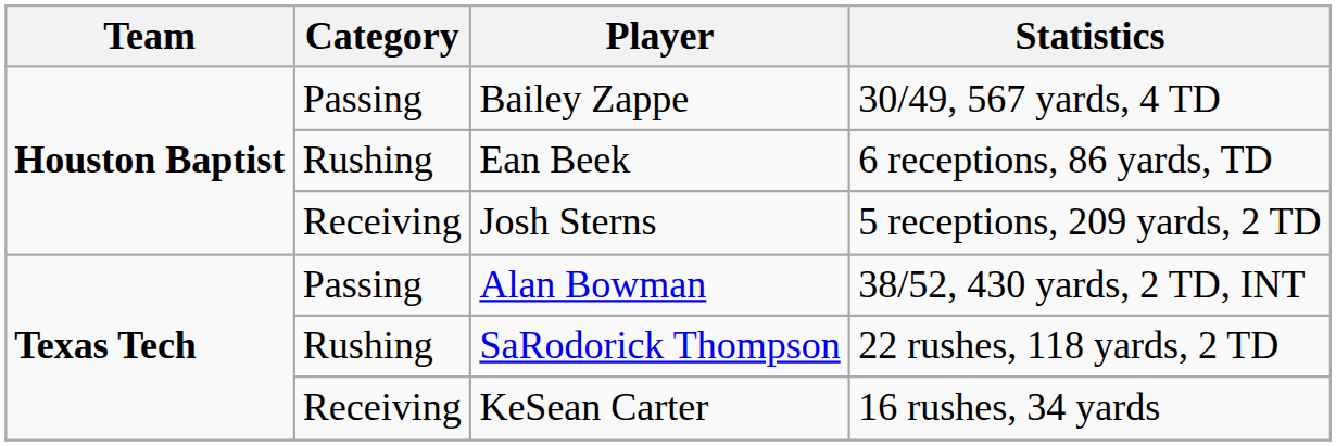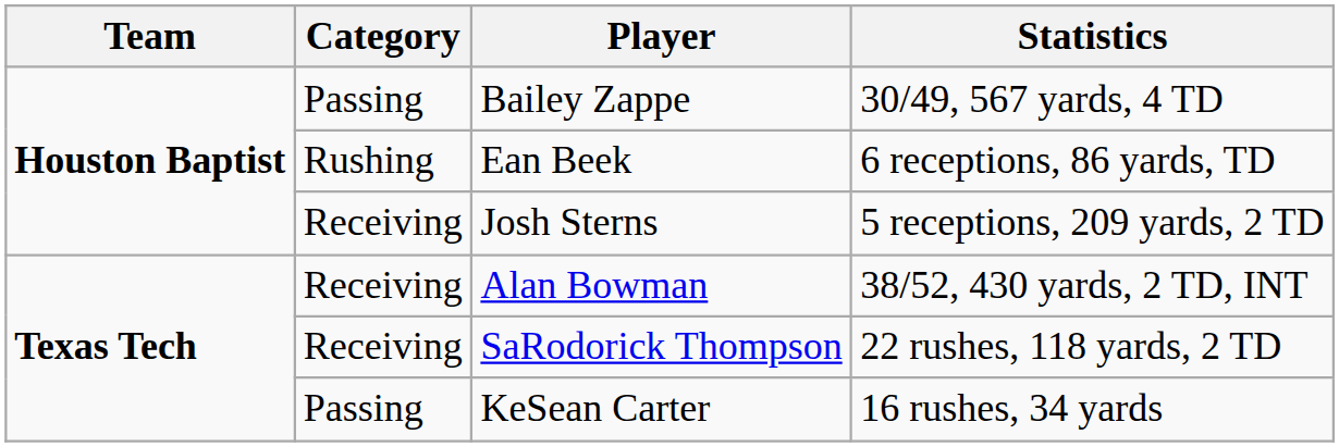 <table class="wikitable" style="float: right;">
 <tr>
 <th>Team</th>
 <th>Category</th>
 <th>Player</th>
 <th>Statistics</th>
 </tr>
 <tr>
 <td rowspan=3><strong>Houston Baptist</strong></td>
 <td>Passing</td>
 <td>Bailey Zappe</td>
 <td>30/49, 567 yards, 4 TD</td>
 </tr>
 <tr>
 <td>Rushing</td>
 <td>Ean Beek</td>
 <td>6 receptions, 86 yards, TD</td>
 </tr>
 <tr>
 <td>Receiving</td>
 <td>Josh Sterns</td>
 <td>5 receptions, 209 yards, 2 TD</td>
 </tr>
 <tr>
 <td rowspan=3><strong>Texas Tech</strong></td>
-<td>Passing</td>
+<td>Receiving</td>
 <td><a href='#'>Alan Bowman</a></td>
 <td>38/52, 430 yards, 2 TD, INT</td>
 </tr>
 <tr>
-<td>Rushing</td>
+<td>Receiving</td>
 <td><a href='#'>SaRodorick Thompson</a></td>
 <td>22 rushes, 118 yards, 2 TD</td>
 </tr>
 <tr>
-<td>Receiving</td>
+<td>Passing</td>
 <td>KeSean Carter</td>
 <td>16 rushes, 34 yards</td>
 </tr>
 </table>
